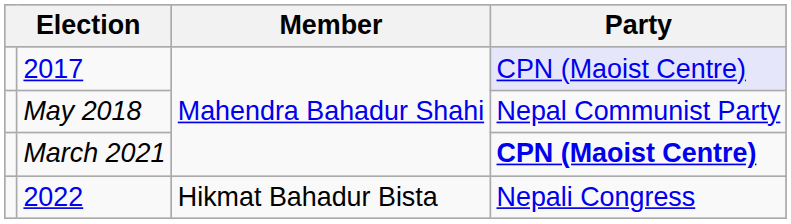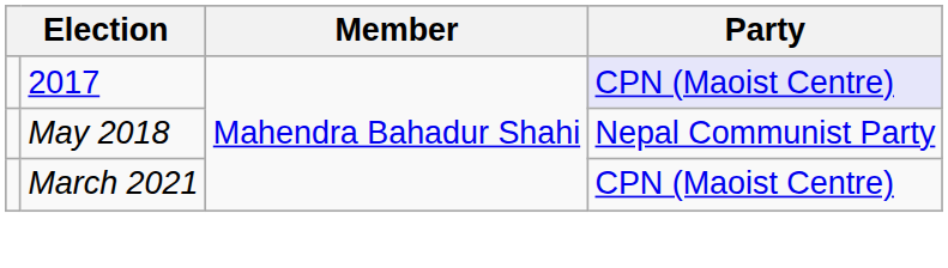 <table class="wikitable">
 <tr>
 <th colspan="2">Election</th>
 <th>Member</th>
 <th>Party</th>
 </tr>
 <tr>
 <td style="color:inherit;background:"></td>
 <td><a href='#'>2017</a></td>
 <td rowspan="3"><a href='#'>Mahendra Bahadur Shahi</a></td>
 <td style="background: lavender;"><a href='#'>CPN (Maoist Centre)</a></td>
 </tr>
 <tr>
 <td style="color:inherit;background:"></td>
 <td><em>May 2018</em></td>
 <td><a href='#'>Nepal Communist Party</a></td>
 </tr>
 <tr>
 <td style="color:inherit;background:"></td>
 <td><em>March 2021</em></td>
-<td><strong><a href='#'>CPN (Maoist Centre)</a></strong></td>
-</tr>
-<tr>
-<td style="color:inherit;background:"></td>
-<td><a href='#'>2022</a></td>
-<td>Hikmat Bahadur Bista</td>
-<td><a href='#'>Nepali Congress</a></td>
+<td><a href='#'>CPN (Maoist Centre)</a></td>
 </tr>
 </table>
